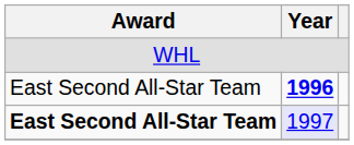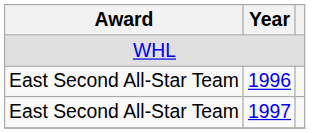 <table class="wikitable">
 <tr>
 <th>Award</th>
 <th>Year</th>
 <th></th>
 </tr>
 <tr ALIGN="center" bgcolor="#e0e0e0">
 <td colspan="3"><a href='#'>WHL</a></td>
 </tr>
 <tr>
 <td>East Second All-Star Team</td>
-<td><strong><a href='#'>1996</a></strong></td>
+<td><a href='#'>1996</a></td>
 <td></td>
 </tr>
 <tr>
-<td><strong>East Second All-Star Team</strong></td>
-<td style="background: lavender;"><a href='#'>1997</a></td>
+<td>East Second All-Star Team</td>
+<td><a href='#'>1997</a></td>
 <td></td>
 </tr>
 <tr>
 </tr>
 </table>
